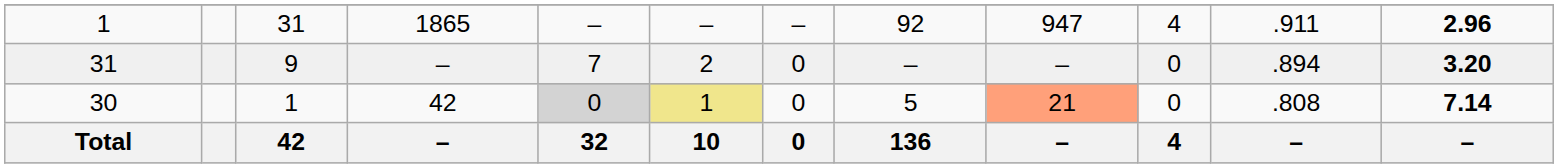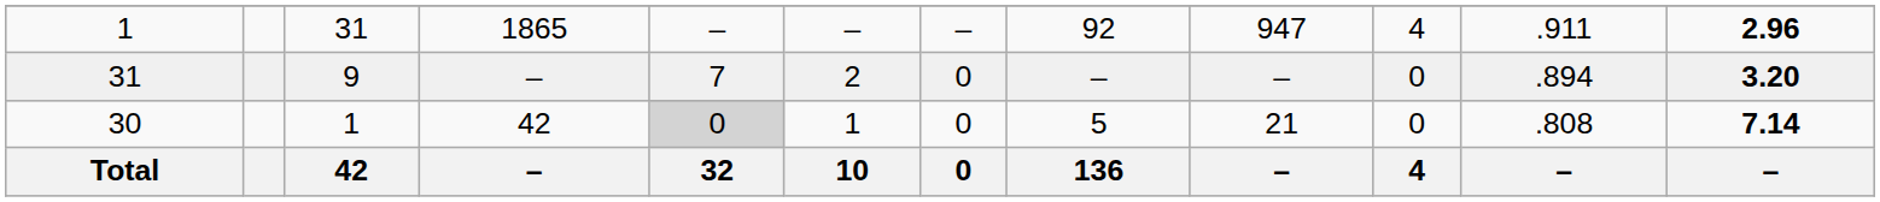 <table class="wikitable sortable" width ="1000">
 <tr align="center">
 </tr>
 <tr align="center">
 <td>1</td>
 <td></td>
 <td>31</td>
 <td>1865</td>
 <td>–</td>
 <td>–</td>
 <td>–</td>
 <td>92</td>
 <td>947</td>
 <td>4</td>
 <td>.911</td>
 <td><strong>2.96</strong></td>
 </tr>
 <tr align="center" bgcolor="#f0f0f0">
 <td>31</td>
 <td></td>
 <td>9</td>
 <td>–</td>
 <td>7</td>
 <td>2</td>
 <td>0</td>
 <td>–</td>
 <td>–</td>
 <td>0</td>
 <td>.894</td>
 <td><strong>3.20</strong></td>
 </tr>
 <tr align="center">
 <td>30</td>
 <td></td>
 <td>1</td>
 <td>42</td>
 <td style="background: lightgrey;">0</td>
-<td style="background: khaki;">1</td>
+<td>1</td>
 <td>0</td>
 <td>5</td>
-<td style="background: lightsalmon;">21</td>
+<td>21</td>
 <td>0</td>
 <td>.808</td>
 <td><strong>7.14</strong></td>
 </tr>
 <tr>
 <th>Total</th>
 <th></th>
 <th>42</th>
 <th>–</th>
 <th>32</th>
 <th>10</th>
 <th>0</th>
 <th>136</th>
 <th>–</th>
 <th>4</th>
 <th>–</th>
 <th>–</th>
 </tr>
 </table>
